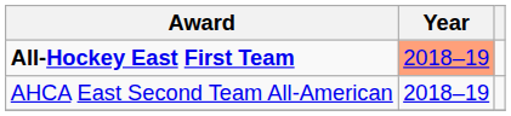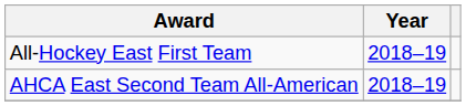 <table class="wikitable">
 <tr>
 <th>Award</th>
 <th>Year</th>
 <th></th>
 </tr>
 <tr>
-<td><strong>All-<a href='#'>Hockey East</a> <a href='#'>First Team</a></strong></td>
-<td style="background: lightsalmon;"><a href='#'>2018–19</a></td>
+<td>All-<a href='#'>Hockey East</a> <a href='#'>First Team</a></td>
+<td><a href='#'>2018–19</a></td>
 <td></td>
 </tr>
 <tr>
 <td><a href='#'>AHCA</a> <a href='#'>East Second Team All-American</a></td>
 <td><a href='#'>2018–19</a></td>
 <td></td>
 </tr>
 <tr>
 </tr>
 </table>
